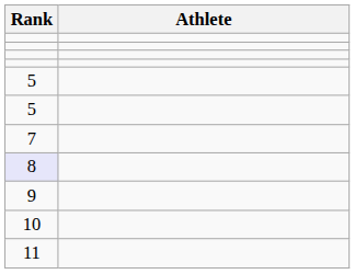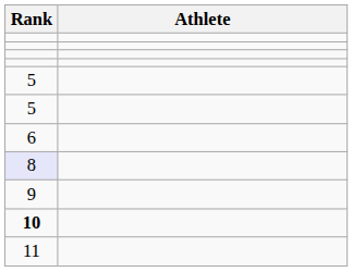 <table class="wikitable" style="text-align: center;">
 <tr>
 <th width=40>Rank</th>
 <th width=250>Athlete</th>
 </tr>
 <tr>
 <td></td>
 <td align=left></td>
 </tr>
 <tr>
 <td></td>
 <td align=left></td>
 </tr>
 <tr>
 <td></td>
 <td align=left></td>
 </tr>
 <tr>
 <td></td>
 <td align=left></td>
 </tr>
 <tr>
 <td>5</td>
 <td align=left></td>
 </tr>
 <tr>
 <td>5</td>
 <td align=left></td>
 </tr>
 <tr>
-<td>7</td>
+<td>6</td>
 <td align=left></td>
 </tr>
 <tr>
 <td style="background: lavender;">8</td>
 <td align=left></td>
 </tr>
 <tr>
 <td>9</td>
 <td align=left></td>
 </tr>
 <tr>
-<td>10</td>
+<td><strong>10</strong></td>
 <td align=left></td>
 </tr>
 <tr>
 <td>11</td>
 <td align=left></td>
 </tr>
 </table>
